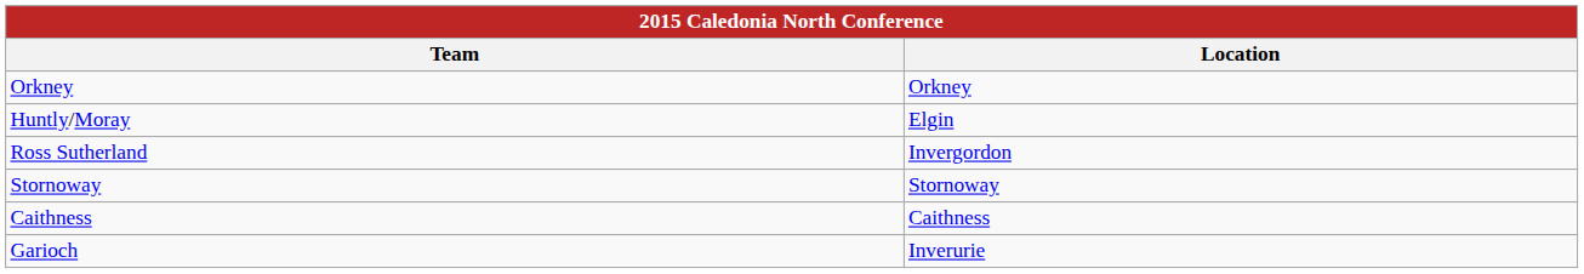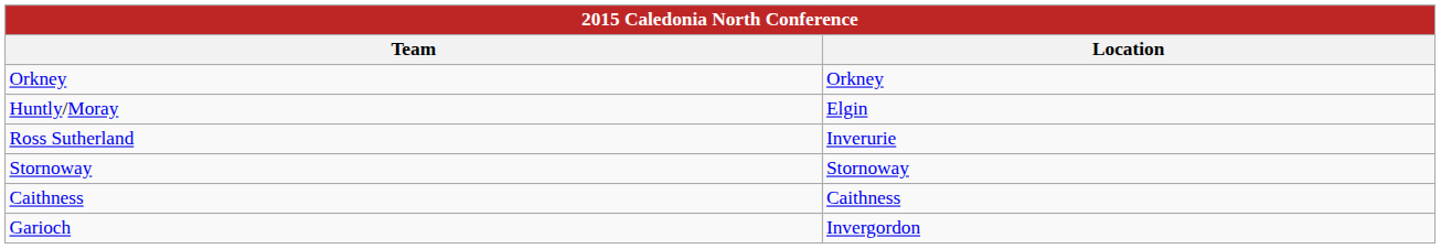 <table class="wikitable sortable" style="text-align:left; line-height:110%; font-size:100%; width:95%;">
 <tr>
 <td colspan=4 align=center style="background-color:#BE2625;color:#ffffff"><strong>2015 Caledonia North Conference</strong></td>
 </tr>
 <tr>
 <th width="40%">Team</th>
 <th width="30%">Location</th>
 </tr>
 <tr>
 <td><a href='#'>Orkney</a></td>
 <td><a href='#'>Orkney</a></td>
 </tr>
 <tr>
 <td><a href='#'>Huntly</a>/<a href='#'>Moray</a></td>
 <td><a href='#'>Elgin</a></td>
 </tr>
 <tr>
 <td><a href='#'>Ross Sutherland</a></td>
-<td><a href='#'>Invergordon</a></td>
+<td><a href='#'>Inverurie</a></td>
 </tr>
 <tr>
 <td><a href='#'>Stornoway</a></td>
 <td><a href='#'>Stornoway</a></td>
 </tr>
 <tr>
 <td><a href='#'>Caithness</a></td>
 <td><a href='#'>Caithness</a></td>
 </tr>
 <tr>
 <td><a href='#'>Garioch</a></td>
-<td><a href='#'>Inverurie</a></td>
+<td><a href='#'>Invergordon</a></td>
 </tr>
 </table>
